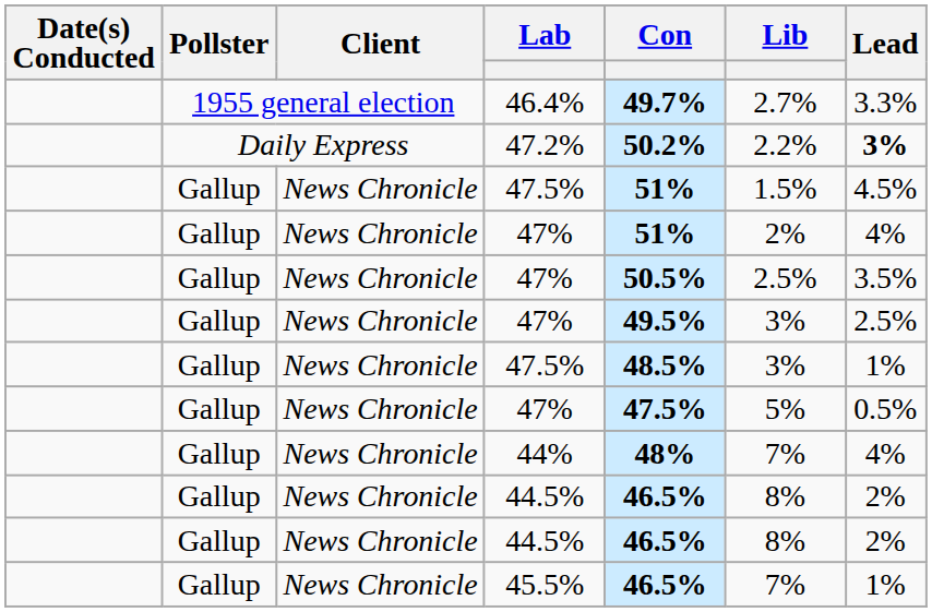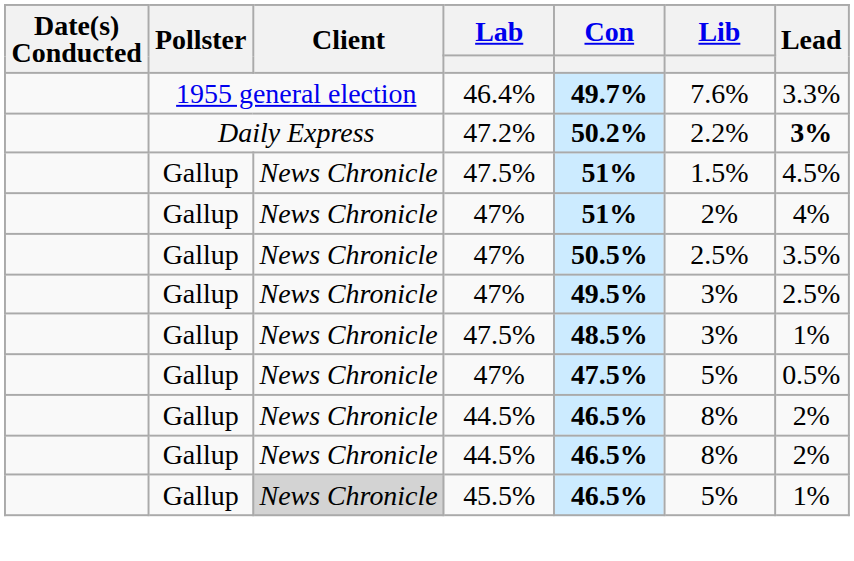 <table class="wikitable sortable mw-datatable" style="text-align:center;font-size:90%;line-height:14px;">
 <tr>
 <th rowspan="2">Date(s)<br>Conducted</th>
 <th rowspan="2">Pollster</th>
 <th rowspan="2">Client</th>
 <th class="unsortable" style="width:50px;"><a href='#'>Lab</a></th>
 <th class="unsortable" style="width:50px;"><a href='#'>Con</a></th>
 <th class="unsortable" style="width:50px;"><a href='#'>Lib</a></th>
 <th rowspan="2">Lead</th>
 </tr>
 <tr>
 <th style="background:"></th>
 <th style="background:"></th>
 <th style="background:"></th>
 </tr>
 <tr>
 <td></td>
 <td colspan="2"><a href='#'>1955 general election</a></td>
 <td>46.4%</td>
 <td style="background:#CCEBFF;"><strong>49.7%</strong></td>
-<td>2.7%</td>
+<td>7.6%</td>
 <td style="background:">3.3%</td>
 </tr>
 <tr>
 <td></td>
 <td colspan="2"><em>Daily Express</em></td>
 <td>47.2%</td>
 <td style="background:#CCEBFF;"><strong>50.2%</strong></td>
 <td>2.2%</td>
 <td style="background:"><strong>3%</strong></td>
 </tr>
 <tr>
 <td></td>
 <td>Gallup</td>
 <td><em>News Chronicle</em></td>
 <td>47.5%</td>
 <td style="background:#CCEBFF;"><strong>51%</strong></td>
 <td>1.5%</td>
 <td style="background:">4.5%</td>
 </tr>
 <tr>
 <td></td>
 <td>Gallup</td>
 <td><em>News Chronicle</em></td>
 <td>47%</td>
 <td style="background:#CCEBFF;"><strong>51%</strong></td>
 <td>2%</td>
 <td style="background:">4%</td>
 </tr>
 <tr>
 <td></td>
 <td>Gallup</td>
 <td><em>News Chronicle</em></td>
 <td>47%</td>
 <td style="background:#CCEBFF;"><strong>50.5%</strong></td>
 <td>2.5%</td>
 <td style="background:">3.5%</td>
 </tr>
 <tr>
 <td></td>
 <td>Gallup</td>
 <td><em>News Chronicle</em></td>
 <td>47%</td>
 <td style="background:#CCEBFF;"><strong>49.5%</strong></td>
 <td>3%</td>
 <td style="background:">2.5%</td>
 </tr>
 <tr>
 <td></td>
 <td>Gallup</td>
 <td><em>News Chronicle</em></td>
 <td>47.5%</td>
 <td style="background:#CCEBFF;"><strong>48.5%</strong></td>
 <td>3%</td>
 <td style="background:">1%</td>
 </tr>
 <tr>
 <td></td>
 <td>Gallup</td>
 <td><em>News Chronicle</em></td>
 <td>47%</td>
 <td style="background:#CCEBFF;"><strong>47.5%</strong></td>
 <td>5%</td>
 <td style="background:">0.5%</td>
 </tr>
 <tr>
 <td></td>
 <td>Gallup</td>
 <td><em>News Chronicle</em></td>
-<td>44%</td>
-<td style="background:#CCEBFF;"><strong>48%</strong></td>
-<td>7%</td>
-<td style="background:">4%</td>
-</tr>
-<tr>
-<td></td>
-<td>Gallup</td>
-<td><em>News Chronicle</em></td>
 <td>44.5%</td>
 <td style="background:#CCEBFF;"><strong>46.5%</strong></td>
 <td>8%</td>
 <td style="background:">2%</td>
 </tr>
 <tr>
 <td></td>
 <td>Gallup</td>
 <td><em>News Chronicle</em></td>
 <td>44.5%</td>
 <td style="background:#CCEBFF;"><strong>46.5%</strong></td>
 <td>8%</td>
 <td style="background:">2%</td>
 </tr>
 <tr>
 <td></td>
 <td>Gallup</td>
-<td><em>News Chronicle</em></td>
+<td style="background: lightgrey;"><em>News Chronicle</em></td>
 <td>45.5%</td>
 <td style="background:#CCEBFF;"><strong>46.5%</strong></td>
-<td>7%</td>
+<td>5%</td>
 <td style="background:">1%</td>
 </tr>
 </table>
